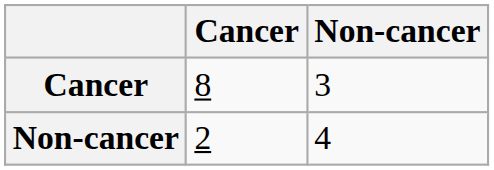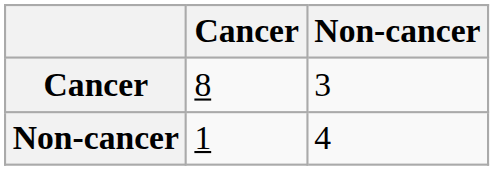 <table class="wikitable">
 <tr>
 <th></th>
 <th>Cancer</th>
 <th>Non-cancer</th>
 </tr>
 <tr>
 <th>Cancer</th>
 <td><u>8</u></td>
 <td>3</td>
 </tr>
 <tr>
 <th>Non-cancer</th>
-<td><u>2</u></td>
+<td><u>1</u></td>
 <td>4</td>
 </tr>
 </table>
